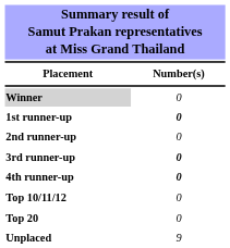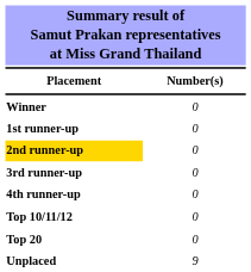 <table style="width: 270px; font-size:85%; line-height:1.5em;">
 <tr>
 <th colspan="2" align="center" style="background:#AAF;"><big>Summary result of<br>Samut Prakan representatives<br>at Miss Grand Thailand</big></th>
 </tr>
 <tr>
 <td colspan="2" style="background:black"></td>
 </tr>
 <tr>
 <th scope="col">Placement</th>
 <th scope="col">Number(s)</th>
 </tr>
 <tr>
 <td colspan="2" style="background:black"></td>
 </tr>
 <tr>
-<td align="left" style="background: lightgrey;"><strong>Winner</strong></td>
+<td align="left"><strong>Winner</strong></td>
 <td align="center"><em>0</em></td>
 </tr>
 <tr>
 <td align="left"><strong>1st runner-up</strong></td>
-<td align="center"><strong><em>0</em></strong></td>
+<td align="center"><em>0</em></td>
 </tr>
 <tr>
-<td align="left"><strong>2nd runner-up</strong></td>
+<td align="left" style="background: gold;"><strong>2nd runner-up</strong></td>
 <td align="center"><em>0</em></td>
 </tr>
 <tr>
 <td align="left"><strong>3rd runner-up</strong></td>
-<td align="center"><strong><em>0</em></strong></td>
+<td align="center"><em>0</em></td>
 </tr>
 <tr>
 <td align="left"><strong>4th runner-up</strong></td>
-<td align="center"><strong><em>0</em></strong></td>
+<td align="center"><em>0</em></td>
 </tr>
 <tr>
 <td align="left"><strong>Top 10/11/12</strong></td>
 <td align="center"><em>0</em></td>
 </tr>
 <tr>
 <td align="left"><strong>Top 20</strong></td>
 <td align="center"><em>0</em></td>
 </tr>
 <tr>
 <td align="left"><strong>Unplaced</strong></td>
 <td align="center"><em>9</em></td>
 </tr>
 </table>
